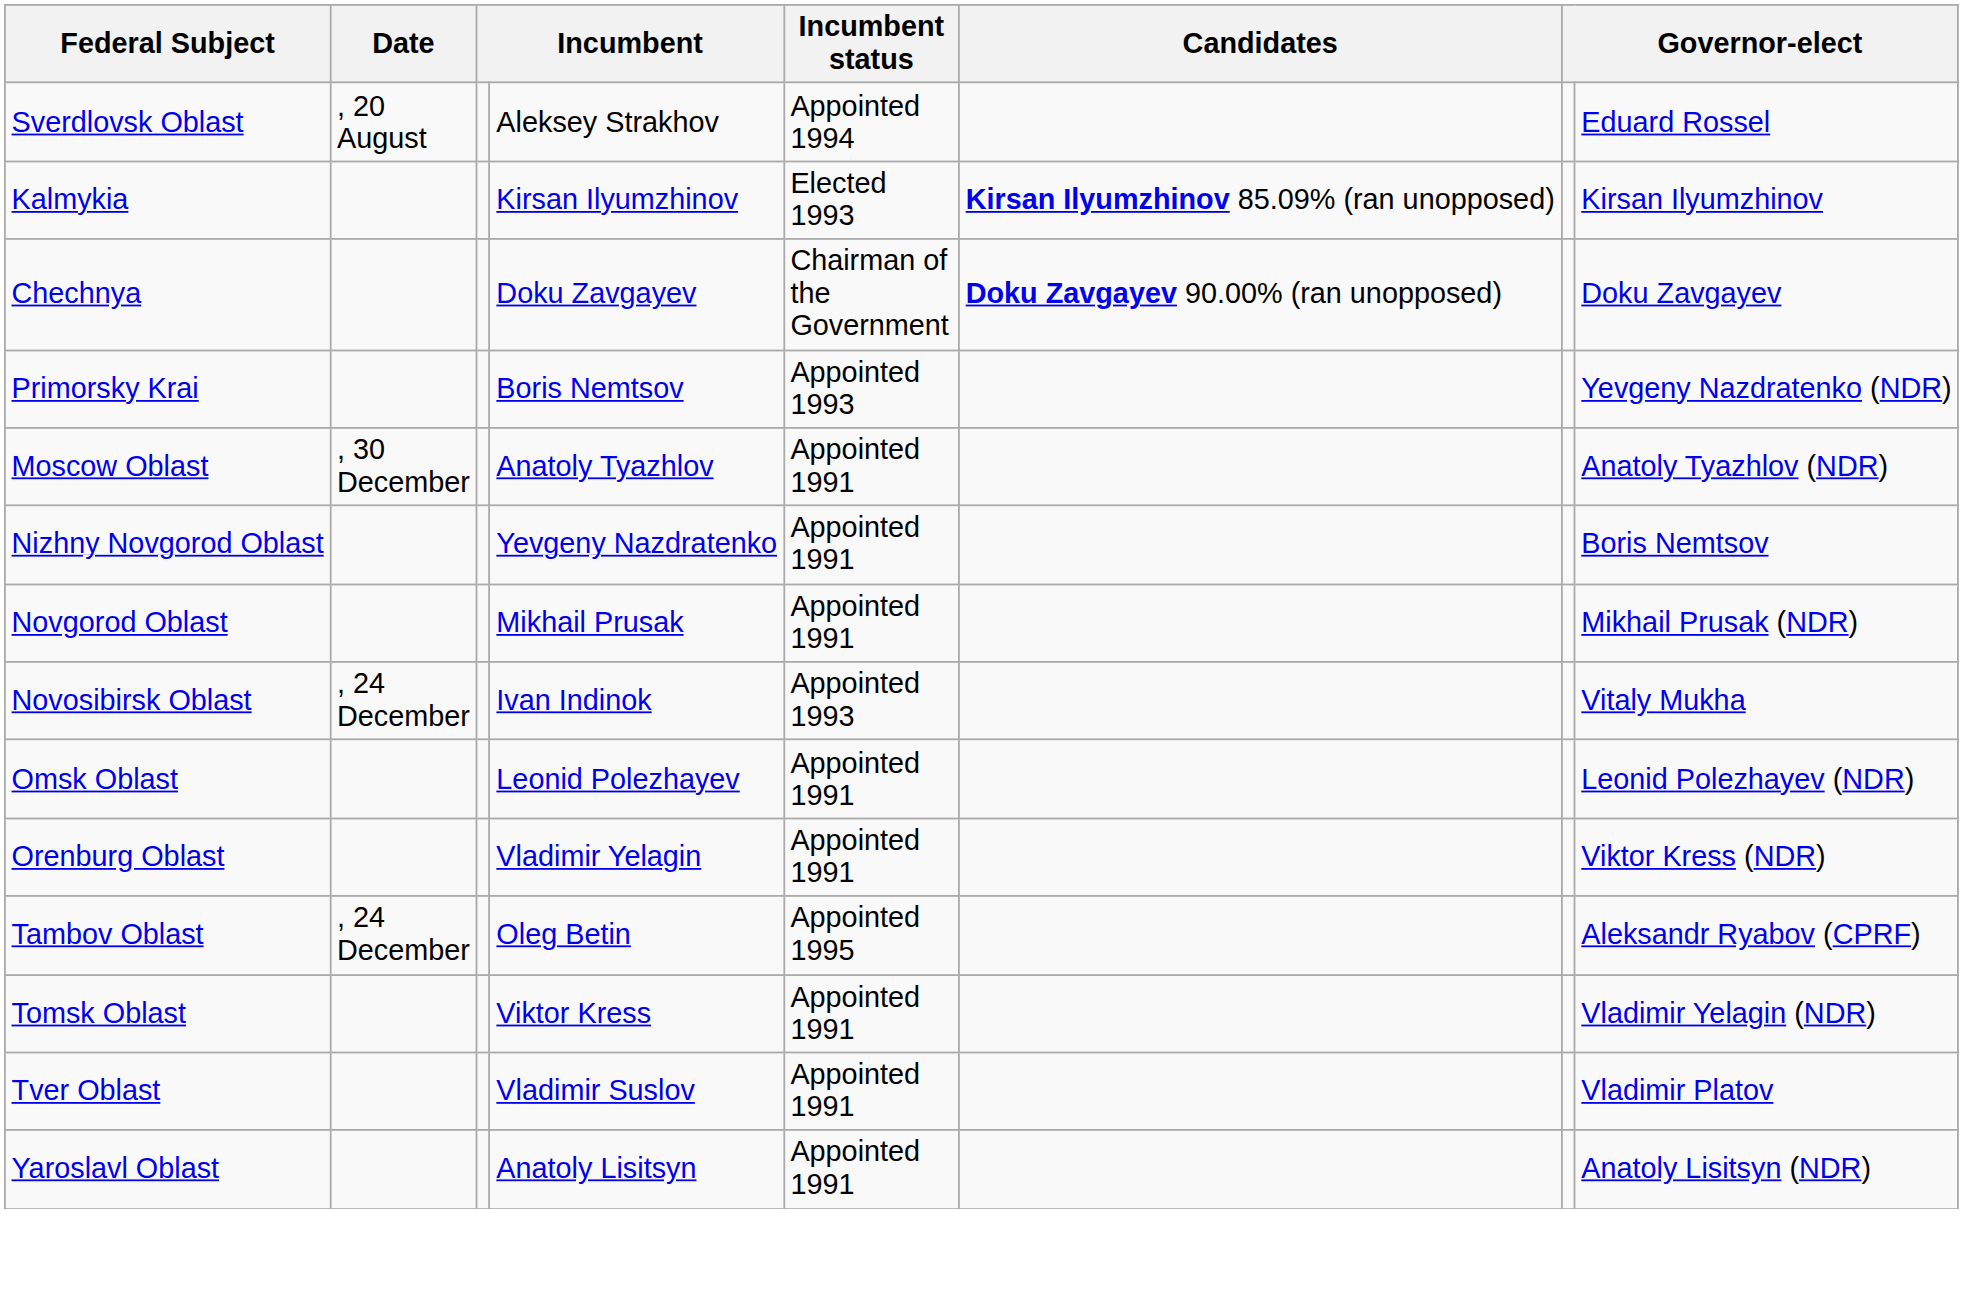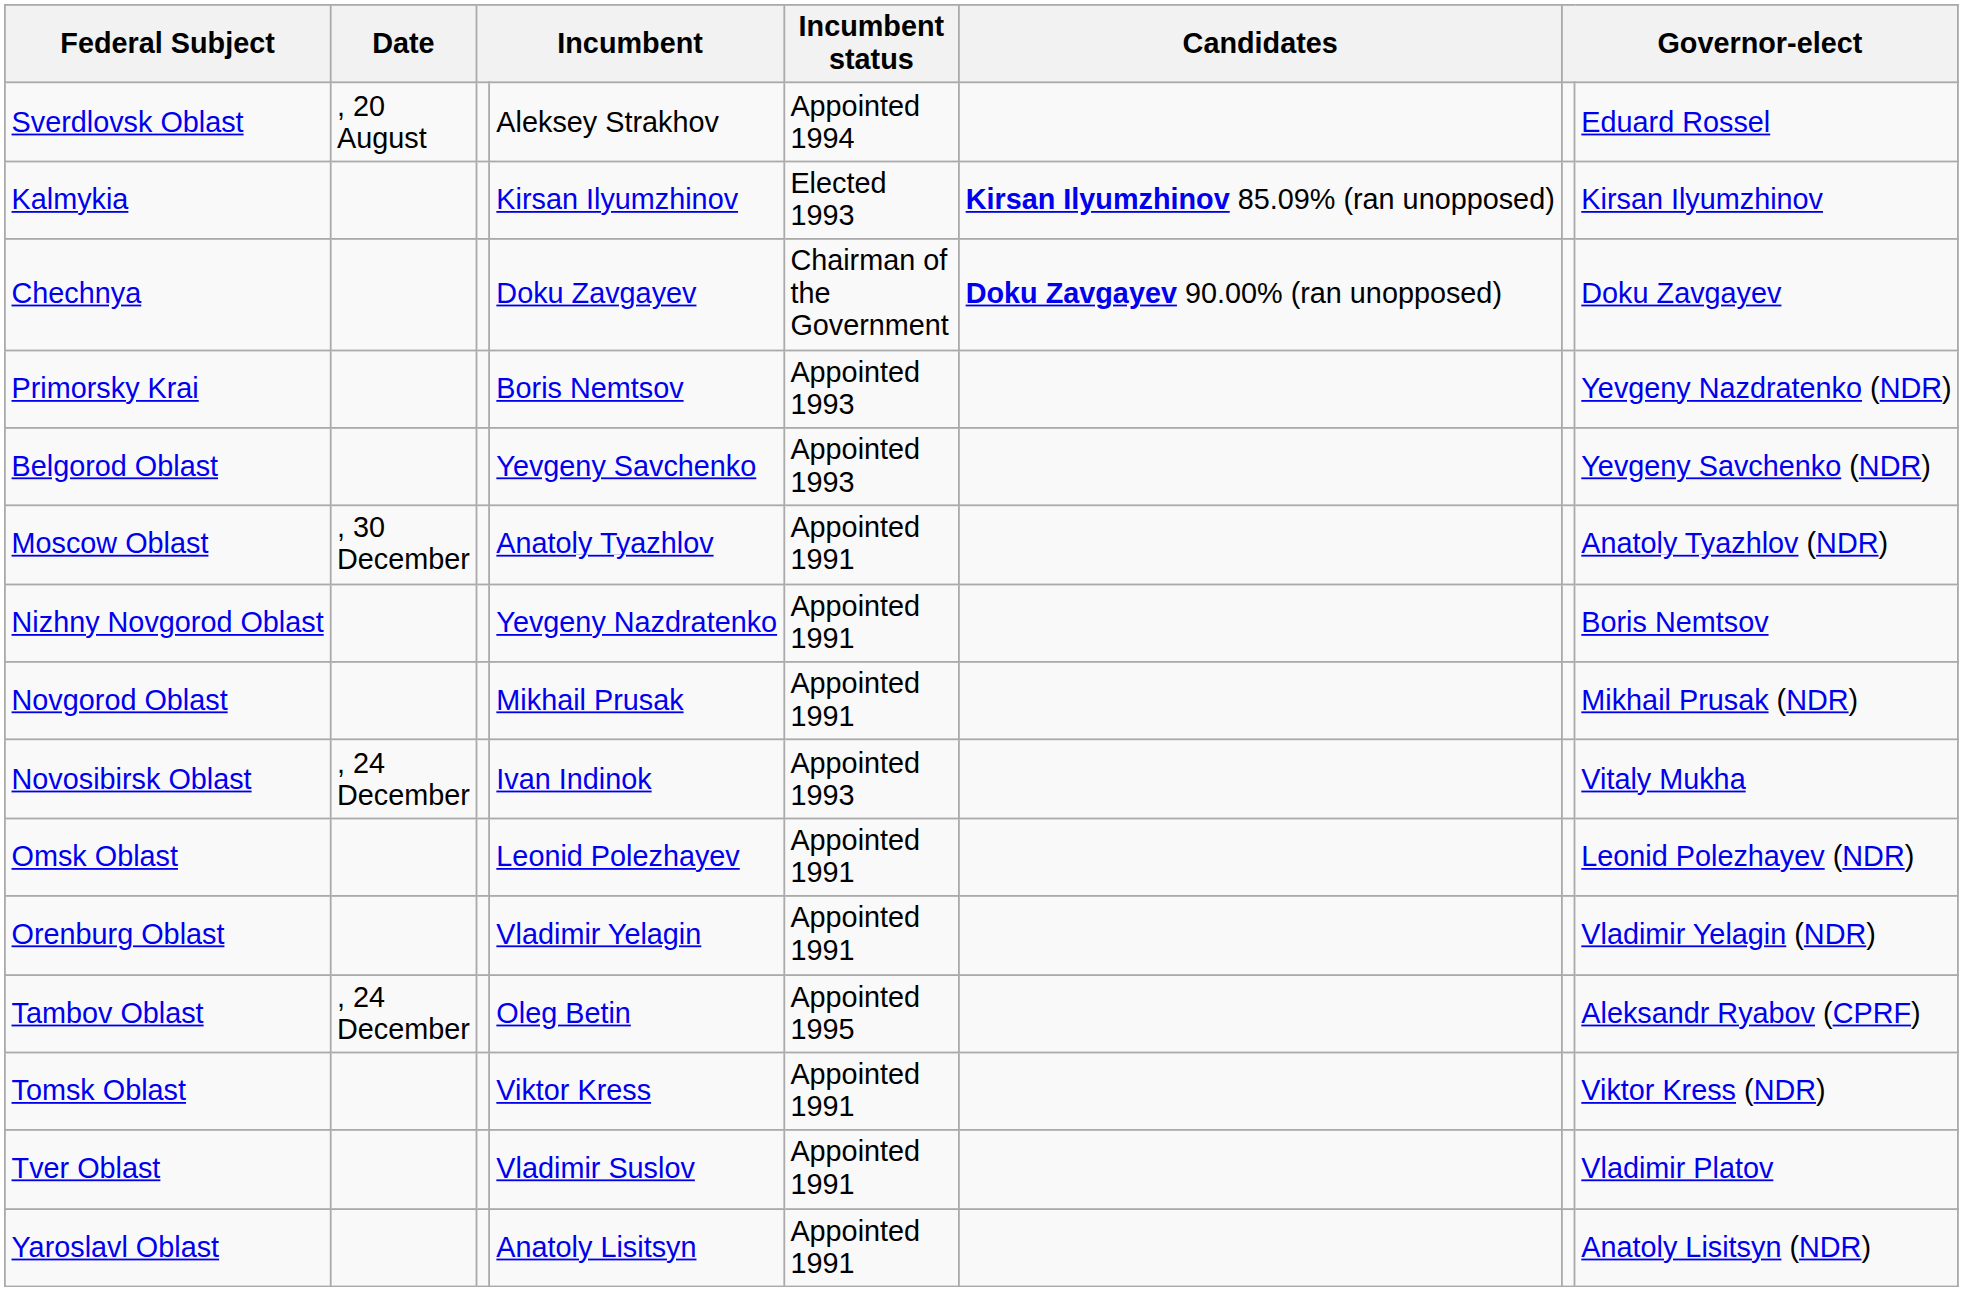 <table class="wikitable sortable">
 <tr>
 <th>Federal Subject</th>
 <th style="width: 70px">Date</th>
 <th colspan=2>Incumbent</th>
 <th style="width: 90px">Incumbent status</th>
 <th>Candidates</th>
 <th colspan=2>Governor-elect</th>
 </tr>
 <tr>
 <td><a href='#'>Sverdlovsk Oblast</a></td>
 <td>, 20 August</td>
 <td style="background:"></td>
 <td>Aleksey Strakhov</td>
 <td>Appointed 1994</td>
 <td></td>
 <td style="background:"></td>
 <td><a href='#'>Eduard Rossel</a></td>
 </tr>
 <tr>
 <td><a href='#'>Kalmykia</a></td>
 <td></td>
 <td style="background:"></td>
 <td><a href='#'>Kirsan Ilyumzhinov</a></td>
 <td>Elected 1993</td>
 <td> <strong><a href='#'>Kirsan Ilyumzhinov</a></strong> 85.09% (ran unopposed)</td>
 <td style="background:"></td>
 <td><a href='#'>Kirsan Ilyumzhinov</a></td>
 </tr>
 <tr>
 <td><a href='#'>Chechnya</a></td>
 <td></td>
 <td style="background:"></td>
 <td><a href='#'>Doku Zavgayev</a></td>
 <td>Chairman of the Government</td>
 <td> <strong><a href='#'>Doku Zavgayev</a></strong> 90.00% (ran unopposed)</td>
 <td style="background:"></td>
 <td><a href='#'>Doku Zavgayev</a></td>
 </tr>
 <tr>
 <td><a href='#'>Primorsky Krai</a></td>
 <td></td>
 <td style="background:"></td>
 <td><a href='#'>Boris Nemtsov</a></td>
 <td>Appointed 1993</td>
 <td></td>
 <td style="background:"></td>
 <td><a href='#'>Yevgeny Nazdratenko</a> (<a href='#'>NDR</a>)</td>
+</tr>
+<tr>
+<td><a href='#'>Belgorod Oblast</a></td>
+<td></td>
+<td style="background:"></td>
+<td><a href='#'>Yevgeny Savchenko</a></td>
+<td>Appointed 1993</td>
+<td></td>
+<td style="background:"></td>
+<td><a href='#'>Yevgeny Savchenko</a> (<a href='#'>NDR</a>)</td>
 </tr>
 <tr>
 <td><a href='#'>Moscow Oblast</a></td>
 <td>, 30 December</td>
 <td style="background:"></td>
 <td><a href='#'>Anatoly Tyazhlov</a></td>
 <td>Appointed 1991</td>
 <td></td>
 <td style="background:"></td>
 <td><a href='#'>Anatoly Tyazhlov</a> (<a href='#'>NDR</a>)</td>
 </tr>
 <tr>
 <td><a href='#'>Nizhny Novgorod Oblast</a></td>
 <td></td>
 <td style="background:"></td>
 <td><a href='#'>Yevgeny Nazdratenko</a></td>
 <td>Appointed 1991</td>
 <td></td>
 <td style="background:"></td>
 <td><a href='#'>Boris Nemtsov</a></td>
 </tr>
 <tr>
 <td><a href='#'>Novgorod Oblast</a></td>
 <td></td>
 <td style="background:"></td>
 <td><a href='#'>Mikhail Prusak</a></td>
 <td>Appointed 1991</td>
 <td></td>
 <td style="background:"></td>
 <td><a href='#'>Mikhail Prusak</a> (<a href='#'>NDR</a>)</td>
 </tr>
 <tr>
 <td><a href='#'>Novosibirsk Oblast</a></td>
 <td>, 24 December</td>
 <td style="background:"></td>
 <td><a href='#'>Ivan Indinok</a></td>
 <td>Appointed 1993</td>
 <td></td>
 <td style="background:"></td>
 <td><a href='#'>Vitaly Mukha</a></td>
 </tr>
 <tr>
 <td><a href='#'>Omsk Oblast</a></td>
 <td></td>
 <td style="background:"></td>
 <td><a href='#'>Leonid Polezhayev</a></td>
 <td>Appointed 1991</td>
 <td></td>
 <td style="background:"></td>
 <td><a href='#'>Leonid Polezhayev</a> (<a href='#'>NDR</a>)</td>
 </tr>
 <tr>
 <td><a href='#'>Orenburg Oblast</a></td>
 <td></td>
 <td style="background:"></td>
 <td><a href='#'>Vladimir Yelagin</a></td>
 <td>Appointed 1991</td>
 <td></td>
 <td style="background:"></td>
-<td><a href='#'>Viktor Kress</a> (<a href='#'>NDR</a>)</td>
+<td><a href='#'>Vladimir Yelagin</a> (<a href='#'>NDR</a>)</td>
 </tr>
 <tr>
 <td><a href='#'>Tambov Oblast</a></td>
 <td>, 24 December</td>
 <td style="background:"></td>
 <td><a href='#'>Oleg Betin</a></td>
 <td>Appointed 1995</td>
 <td></td>
 <td style="background:"></td>
 <td><a href='#'>Aleksandr Ryabov</a> (<a href='#'>CPRF</a>)</td>
 </tr>
 <tr>
 <td><a href='#'>Tomsk Oblast</a></td>
 <td></td>
 <td style="background:"></td>
 <td><a href='#'>Viktor Kress</a></td>
 <td>Appointed 1991</td>
 <td></td>
 <td style="background:"></td>
-<td><a href='#'>Vladimir Yelagin</a> (<a href='#'>NDR</a>)</td>
+<td><a href='#'>Viktor Kress</a> (<a href='#'>NDR</a>)</td>
 </tr>
 <tr>
 <td><a href='#'>Tver Oblast</a></td>
 <td></td>
 <td style="background:"></td>
 <td><a href='#'>Vladimir Suslov</a></td>
 <td>Appointed 1991</td>
 <td></td>
 <td style="background:"></td>
 <td><a href='#'>Vladimir Platov</a></td>
 </tr>
 <tr>
 <td><a href='#'>Yaroslavl Oblast</a></td>
 <td></td>
 <td style="background:"></td>
 <td><a href='#'>Anatoly Lisitsyn</a></td>
 <td>Appointed 1991</td>
 <td></td>
 <td style="background:"></td>
 <td><a href='#'>Anatoly Lisitsyn</a> (<a href='#'>NDR</a>)</td>
 </tr>
 </table>
